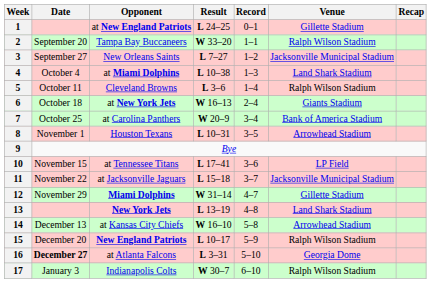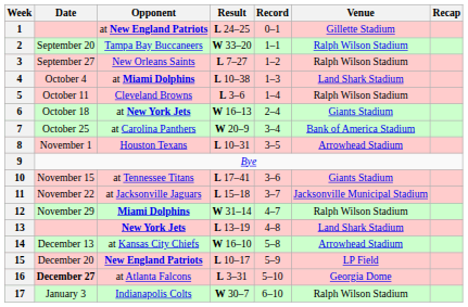 <table class="wikitable" style="text-align:center">
 <tr>
 <th>Week</th>
 <th>Date</th>
 <th>Opponent</th>
 <th>Result</th>
 <th>Record</th>
 <th>Venue</th>
 <th>Recap</th>
 </tr>
 <tr style="background:#fcc">
 <th>1</th>
 <td></td>
 <td>at <strong><a href='#'>New England Patriots</a></strong></td>
 <td><strong>L</strong> 24–25</td>
 <td>0–1</td>
 <td><a href='#'>Gillette Stadium</a></td>
 <td></td>
 </tr>
 <tr style="background:#cfc">
 <th>2</th>
 <td>September 20</td>
 <td><a href='#'>Tampa Bay Buccaneers</a></td>
 <td><strong>W</strong> 33–20</td>
 <td>1–1</td>
 <td><a href='#'>Ralph Wilson Stadium</a></td>
 <td></td>
 </tr>
 <tr style="background:#fcc">
 <th>3</th>
 <td>September 27</td>
 <td><a href='#'>New Orleans Saints</a></td>
 <td><strong>L</strong> 7–27</td>
 <td>1–2</td>
-<td><a href='#'>Jacksonville Municipal Stadium</a></td>
+<td>Ralph Wilson Stadium</td>
 <td></td>
 </tr>
 <tr style="background:#fcc">
 <th>4</th>
 <td>October 4</td>
 <td>at <strong><a href='#'>Miami Dolphins</a></strong></td>
 <td><strong>L</strong> 10–38</td>
 <td>1–3</td>
 <td><a href='#'>Land Shark Stadium</a></td>
 <td></td>
 </tr>
 <tr style="background:#fcc">
 <th>5</th>
 <td>October 11</td>
 <td><a href='#'>Cleveland Browns</a></td>
 <td><strong>L</strong> 3–6</td>
 <td>1–4</td>
 <td>Ralph Wilson Stadium</td>
 <td></td>
 </tr>
 <tr style="background:#cfc">
 <th>6</th>
 <td>October 18</td>
 <td>at <strong><a href='#'>New York Jets</a></strong></td>
 <td><strong>W</strong> 16–13 </td>
 <td>2–4</td>
 <td><a href='#'>Giants Stadium</a></td>
 <td></td>
 </tr>
 <tr style="background:#cfc">
 <th>7</th>
 <td>October 25</td>
 <td>at <a href='#'>Carolina Panthers</a></td>
 <td><strong>W</strong> 20–9</td>
 <td>3–4</td>
 <td><a href='#'>Bank of America Stadium</a></td>
 <td></td>
 </tr>
 <tr style="background:#fcc">
 <th>8</th>
 <td>November 1</td>
 <td><a href='#'>Houston Texans</a></td>
 <td><strong>L</strong> 10–31</td>
 <td>3–5</td>
 <td><a href='#'>Arrowhead Stadium</a></td>
 <td></td>
 </tr>
 <tr>
 <th>9</th>
 <td colspan="6"><em><a href='#'>Bye</a></em></td>
 </tr>
 <tr style="background:#fcc">
 <th>10</th>
 <td>November 15</td>
 <td>at <a href='#'>Tennessee Titans</a></td>
 <td><strong>L</strong> 17–41</td>
 <td>3–6</td>
-<td><a href='#'>LP Field</a></td>
+<td><a href='#'>Giants Stadium</a></td>
 <td></td>
 </tr>
 <tr style="background:#fcc">
 <th>11</th>
 <td>November 22</td>
 <td>at <a href='#'>Jacksonville Jaguars</a></td>
 <td><strong>L</strong> 15–18</td>
 <td>3–7</td>
 <td><a href='#'>Jacksonville Municipal Stadium</a></td>
 <td></td>
 </tr>
 <tr style="background:#cfc">
 <th>12</th>
 <td>November 29</td>
 <td><strong><a href='#'>Miami Dolphins</a></strong></td>
 <td><strong>W</strong> 31–14</td>
 <td>4–7</td>
-<td><a href='#'>Gillette Stadium</a></td>
+<td>Ralph Wilson Stadium</td>
 <td></td>
 </tr>
 <tr style="background:#fcc">
 <th>13</th>
 <td></td>
 <td><strong><a href='#'>New York Jets</a></strong></td>
 <td><strong>L</strong> 13–19</td>
 <td>4–8</td>
 <td><a href='#'>Land Shark Stadium</a></td>
 <td></td>
 </tr>
 <tr style="background:#cfc">
 <th>14</th>
 <td>December 13</td>
 <td>at <a href='#'>Kansas City Chiefs</a></td>
 <td><strong>W</strong> 16–10</td>
 <td>5–8</td>
 <td><a href='#'>Arrowhead Stadium</a></td>
 <td></td>
 </tr>
 <tr style="background:#fcc">
 <th>15</th>
 <td>December 20</td>
 <td><strong><a href='#'>New England Patriots</a></strong></td>
 <td><strong>L</strong> 10–17</td>
 <td>5–9</td>
-<td>Ralph Wilson Stadium</td>
+<td><a href='#'>LP Field</a></td>
 <td></td>
 </tr>
 <tr style="background:#fcc">
 <th>16</th>
 <td><strong>December 27</strong></td>
 <td>at <a href='#'>Atlanta Falcons</a></td>
 <td><strong>L</strong> 3–31</td>
 <td>5–10</td>
 <td><a href='#'>Georgia Dome</a></td>
 <td></td>
 </tr>
 <tr style="background:#cfc">
 <th>17</th>
 <td>January 3</td>
 <td><a href='#'>Indianapolis Colts</a></td>
 <td><strong>W</strong> 30–7</td>
 <td>6–10</td>
 <td>Ralph Wilson Stadium</td>
 <td></td>
 </tr>
 </table>
